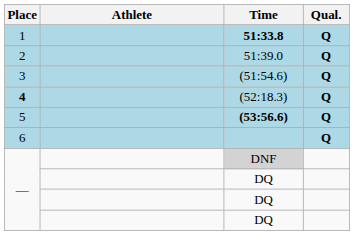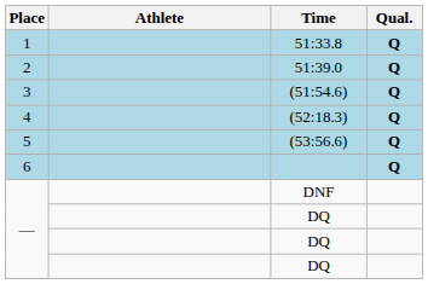 <table class=wikitable style="text-align:center">
 <tr>
 <th width=20>Place</th>
 <th width=220>Athlete</th>
 <th width=90>Time</th>
 <th width=50>Qual.</th>
 </tr>
 <tr style="background:lightblue;">
 <td>1</td>
 <td align=left></td>
-<td><strong>51:33.8</strong></td>
+<td>51:33.8</td>
 <td><strong>Q</strong></td>
 </tr>
 <tr style="background:lightblue;">
 <td>2</td>
 <td align=left></td>
 <td>51:39.0</td>
 <td><strong>Q</strong></td>
 </tr>
 <tr style="background:lightblue;">
 <td>3</td>
 <td align=left></td>
 <td>(51:54.6)</td>
 <td><strong>Q</strong></td>
 </tr>
 <tr style="background:lightblue;">
-<td><strong>4</strong></td>
+<td>4</td>
 <td align=left></td>
 <td>(52:18.3)</td>
 <td><strong>Q</strong></td>
 </tr>
 <tr style="background:lightblue;">
 <td>5</td>
 <td align=left></td>
-<td><strong>(53:56.6)</strong></td>
+<td>(53:56.6)</td>
 <td><strong>Q</strong></td>
 </tr>
 <tr style="background:lightblue;">
 <td>6</td>
 <td align=left></td>
 <td></td>
 <td><strong>Q</strong></td>
 </tr>
 <tr>
 <td rowspan=4>—</td>
 <td align=left></td>
-<td style="background: lightgrey;">DNF</td>
+<td>DNF</td>
 <td></td>
 </tr>
 <tr>
 <td align=left></td>
 <td>DQ</td>
 <td></td>
 </tr>
 <tr>
 <td align=left></td>
 <td>DQ</td>
 <td></td>
 </tr>
 <tr>
 <td align=left></td>
 <td>DQ</td>
 <td></td>
 </tr>
 </table>
